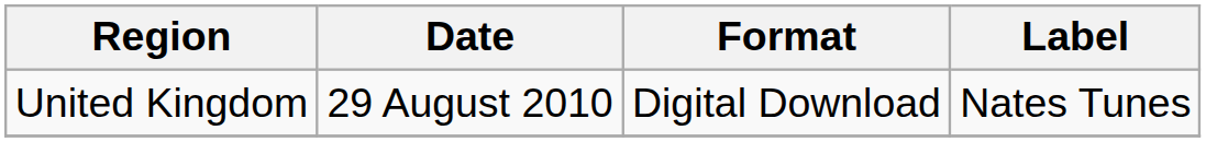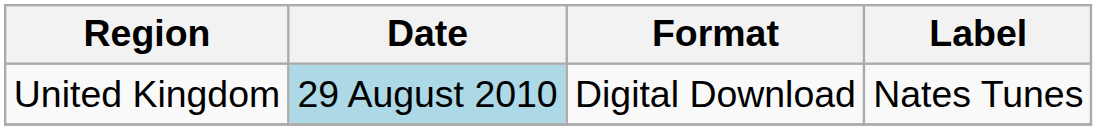 <table class=wikitable>
 <tr>
 <th>Region</th>
 <th>Date</th>
 <th>Format</th>
 <th>Label</th>
 </tr>
 <tr>
 <td>United Kingdom</td>
-<td>29 August 2010</td>
+<td style="background: lightblue;">29 August 2010</td>
 <td>Digital Download</td>
 <td>Nates Tunes</td>
 </tr>
 <tr>
 </tr>
 </table>
